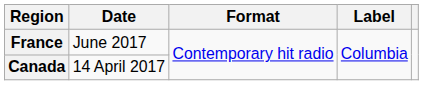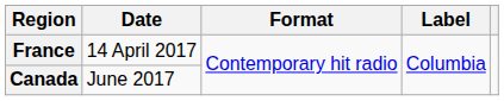 <table class="wikitable sortable plainrowheaders">
 <tr>
 <th scope="col">Region</th>
 <th scope="col">Date</th>
 <th scope="col">Format</th>
 <th scope="col">Label</th>
 <th scope="col" class="unsortable"></th>
 </tr>
 <tr>
 <th scope="row">France</th>
-<td>June 2017</td>
+<td>14 April 2017</td>
 <td rowspan="2"><a href='#'>Contemporary hit radio</a></td>
 <td rowspan="2"><a href='#'>Columbia</a></td>
 <td rowspan="2"></td>
 </tr>
 <tr>
 <th scope="row">Canada</th>
-<td>14 April 2017</td>
+<td>June 2017</td>
 </tr>
 </table>
